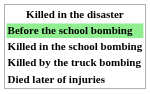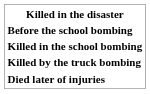 <table style="float:right; margin:0 0 0.5em .5em; width:auto; border:.5px solid #a0a0a0; padding:.5px; white-space:nowrap; font-size:85%;">
 <tr style="background:;">
 <th>Killed in the disaster</th>
 </tr>
 <tr>
-<td style="background: lightgreen;"><strong>Before the school bombing</strong><br></td>
+<td><strong>Before the school bombing</strong><br></td>
 </tr>
 <tr>
 <td><strong>Killed in the school bombing</strong><br></td>
 </tr>
 <tr>
 <td><strong>Killed by the truck bombing</strong><br></td>
 </tr>
 <tr>
 <td><strong>Died later of injuries</strong><br></td>
 </tr>
 </table>
